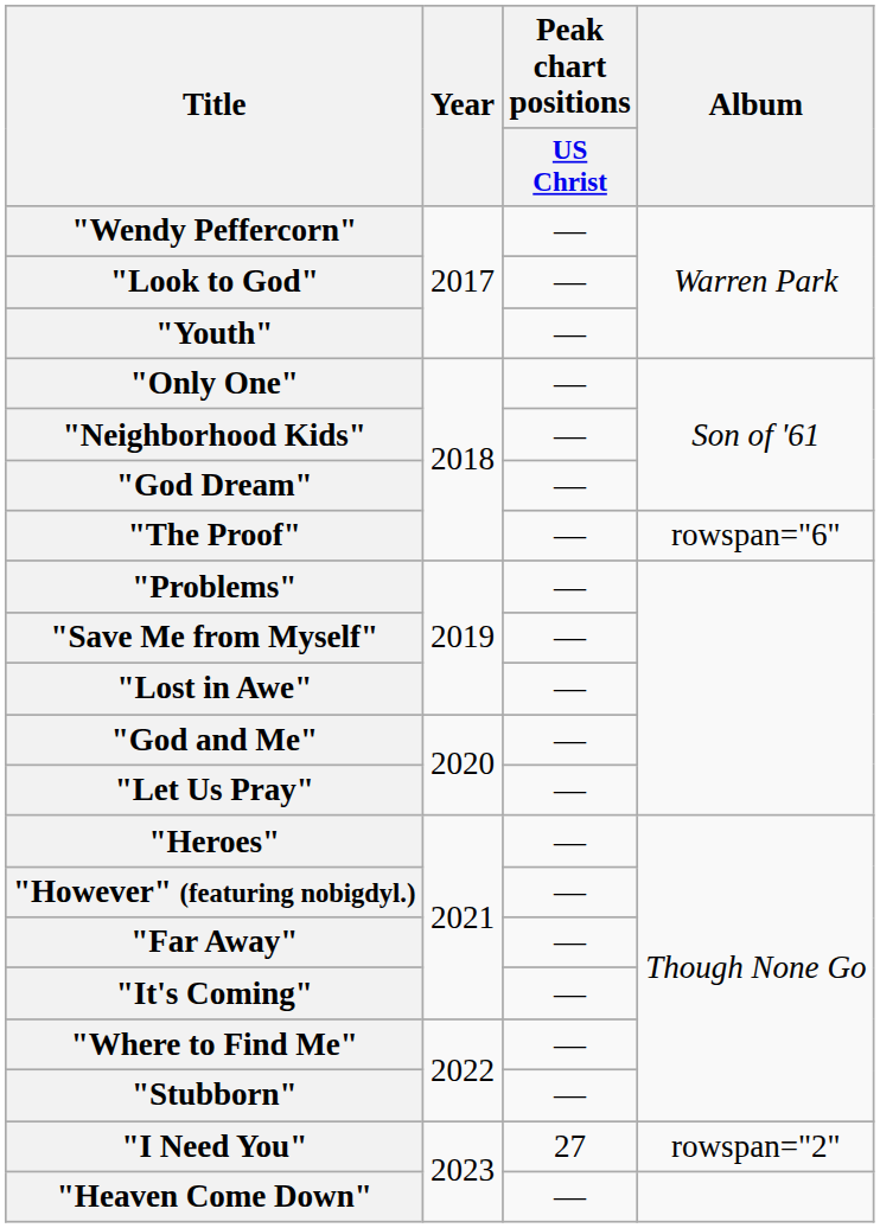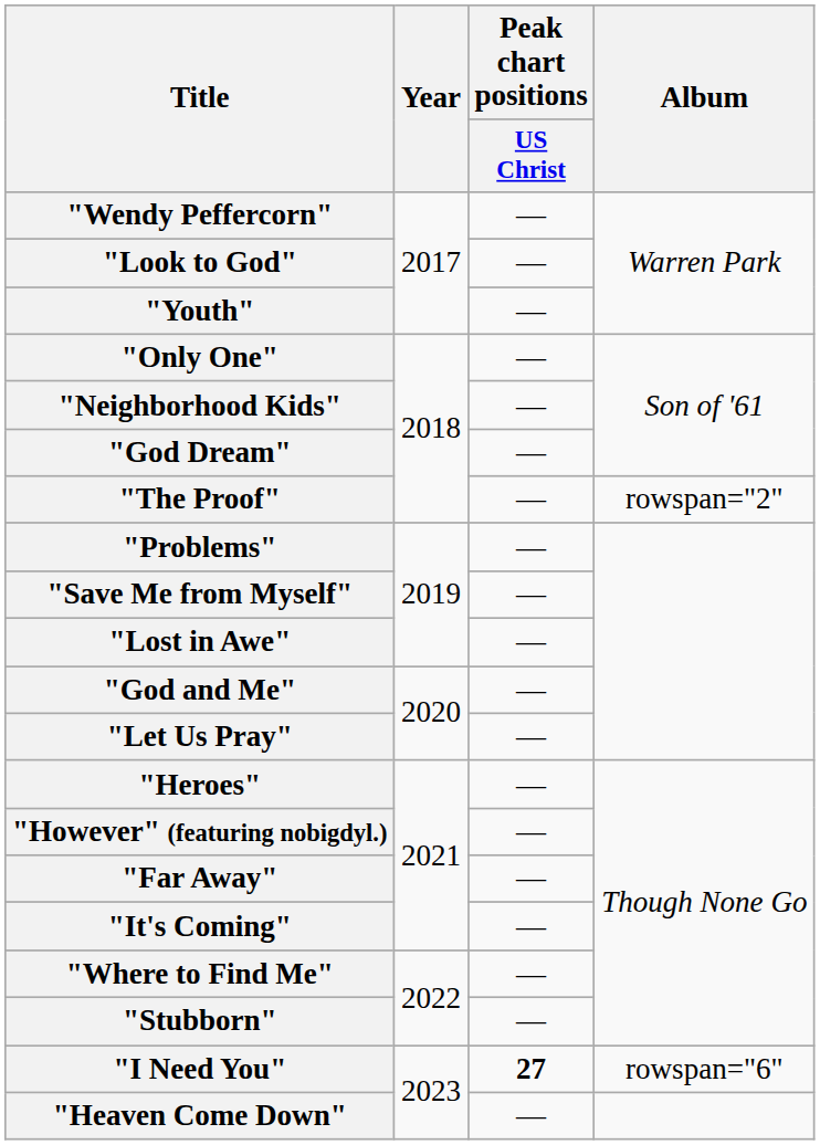 <table class="wikitable plainrowheaders" style="text-align:center;">
 <tr>
 <th scope="col" rowspan="2">Title</th>
 <th scope="col" rowspan="2">Year</th>
 <th scope="col" colspan="1">Peak chart positions</th>
 <th scope="col" rowspan="2">Album</th>
 </tr>
 <tr>
 <th scope="col" style="width:3em;font-size:85%;"><a href='#'>US<br>Christ</a><br></th>
 </tr>
 <tr>
 <th scope="row">"Wendy Peffercorn"</th>
 <td rowspan="3">2017</td>
 <td>—</td>
 <td rowspan="3"><em>Warren Park</em></td>
 </tr>
 <tr>
 <th scope="row">"Look to God"</th>
 <td>—</td>
 </tr>
 <tr>
 <th scope="row">"Youth"</th>
 <td>—</td>
 </tr>
 <tr>
 <th scope="row">"Only One"</th>
 <td rowspan="4">2018</td>
 <td>—</td>
 <td rowspan="3"><em>Son of '61</em></td>
 </tr>
 <tr>
 <th scope="row">"Neighborhood Kids"</th>
 <td>—</td>
 </tr>
 <tr>
 <th scope="row">"God Dream"</th>
 <td>—</td>
 </tr>
 <tr>
 <th scope="row">"The Proof"</th>
 <td>—</td>
-<td>rowspan="6" </td>
+<td>rowspan="2" </td>
 </tr>
 <tr>
 <th scope="row">"Problems"</th>
 <td rowspan="3">2019</td>
 <td>—</td>
 </tr>
 <tr>
 <th scope="row">"Save Me from Myself"</th>
 <td>—</td>
 </tr>
 <tr>
 <th scope="row">"Lost in Awe"</th>
 <td>—</td>
 </tr>
 <tr>
 <th scope="row">"God and Me"</th>
 <td rowspan="2">2020</td>
 <td>—</td>
 </tr>
 <tr>
 <th scope="row">"Let Us Pray"</th>
 <td>—</td>
 </tr>
 <tr>
 <th scope="row">"Heroes"</th>
 <td rowspan="4">2021</td>
 <td>—</td>
 <td rowspan="6"><em>Though None Go</em></td>
 </tr>
 <tr>
 <th scope="row">"However" <small>(featuring nobigdyl.)</small></th>
 <td>—</td>
 </tr>
 <tr>
 <th scope="row">"Far Away"</th>
 <td>—</td>
 </tr>
 <tr>
 <th scope="row">"It's Coming"</th>
 <td>—</td>
 </tr>
 <tr>
 <th scope="row">"Where to Find Me"</th>
 <td rowspan="2">2022</td>
 <td>—</td>
 </tr>
 <tr>
 <th scope="row">"Stubborn"</th>
 <td>—</td>
 </tr>
 <tr>
 <th scope="row">"I Need You"</th>
 <td rowspan="2">2023</td>
-<td>27</td>
-<td>rowspan="2" </td>
+<td><strong>27</strong></td>
+<td>rowspan="6" </td>
 </tr>
 <tr>
 <th scope="row">"Heaven Come Down"</th>
 <td>—</td>
 </tr>
 </table>
